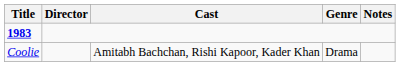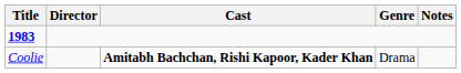 <table class="wikitable">
 <tr>
 <th>Title</th>
 <th>Director</th>
 <th>Cast</th>
 <th>Genre</th>
 <th>Notes</th>
 </tr>
 <tr>
 <td><strong><a href='#'>1983</a></strong></td>
 </tr>
 <tr>
 <td><em><a href='#'>Coolie</a></em></td>
 <td></td>
-<td>Amitabh Bachchan, Rishi Kapoor, Kader Khan</td>
+<td><strong>Amitabh Bachchan, Rishi Kapoor, Kader Khan</strong></td>
 <td>Drama</td>
 <td></td>
 </tr>
 </table>
